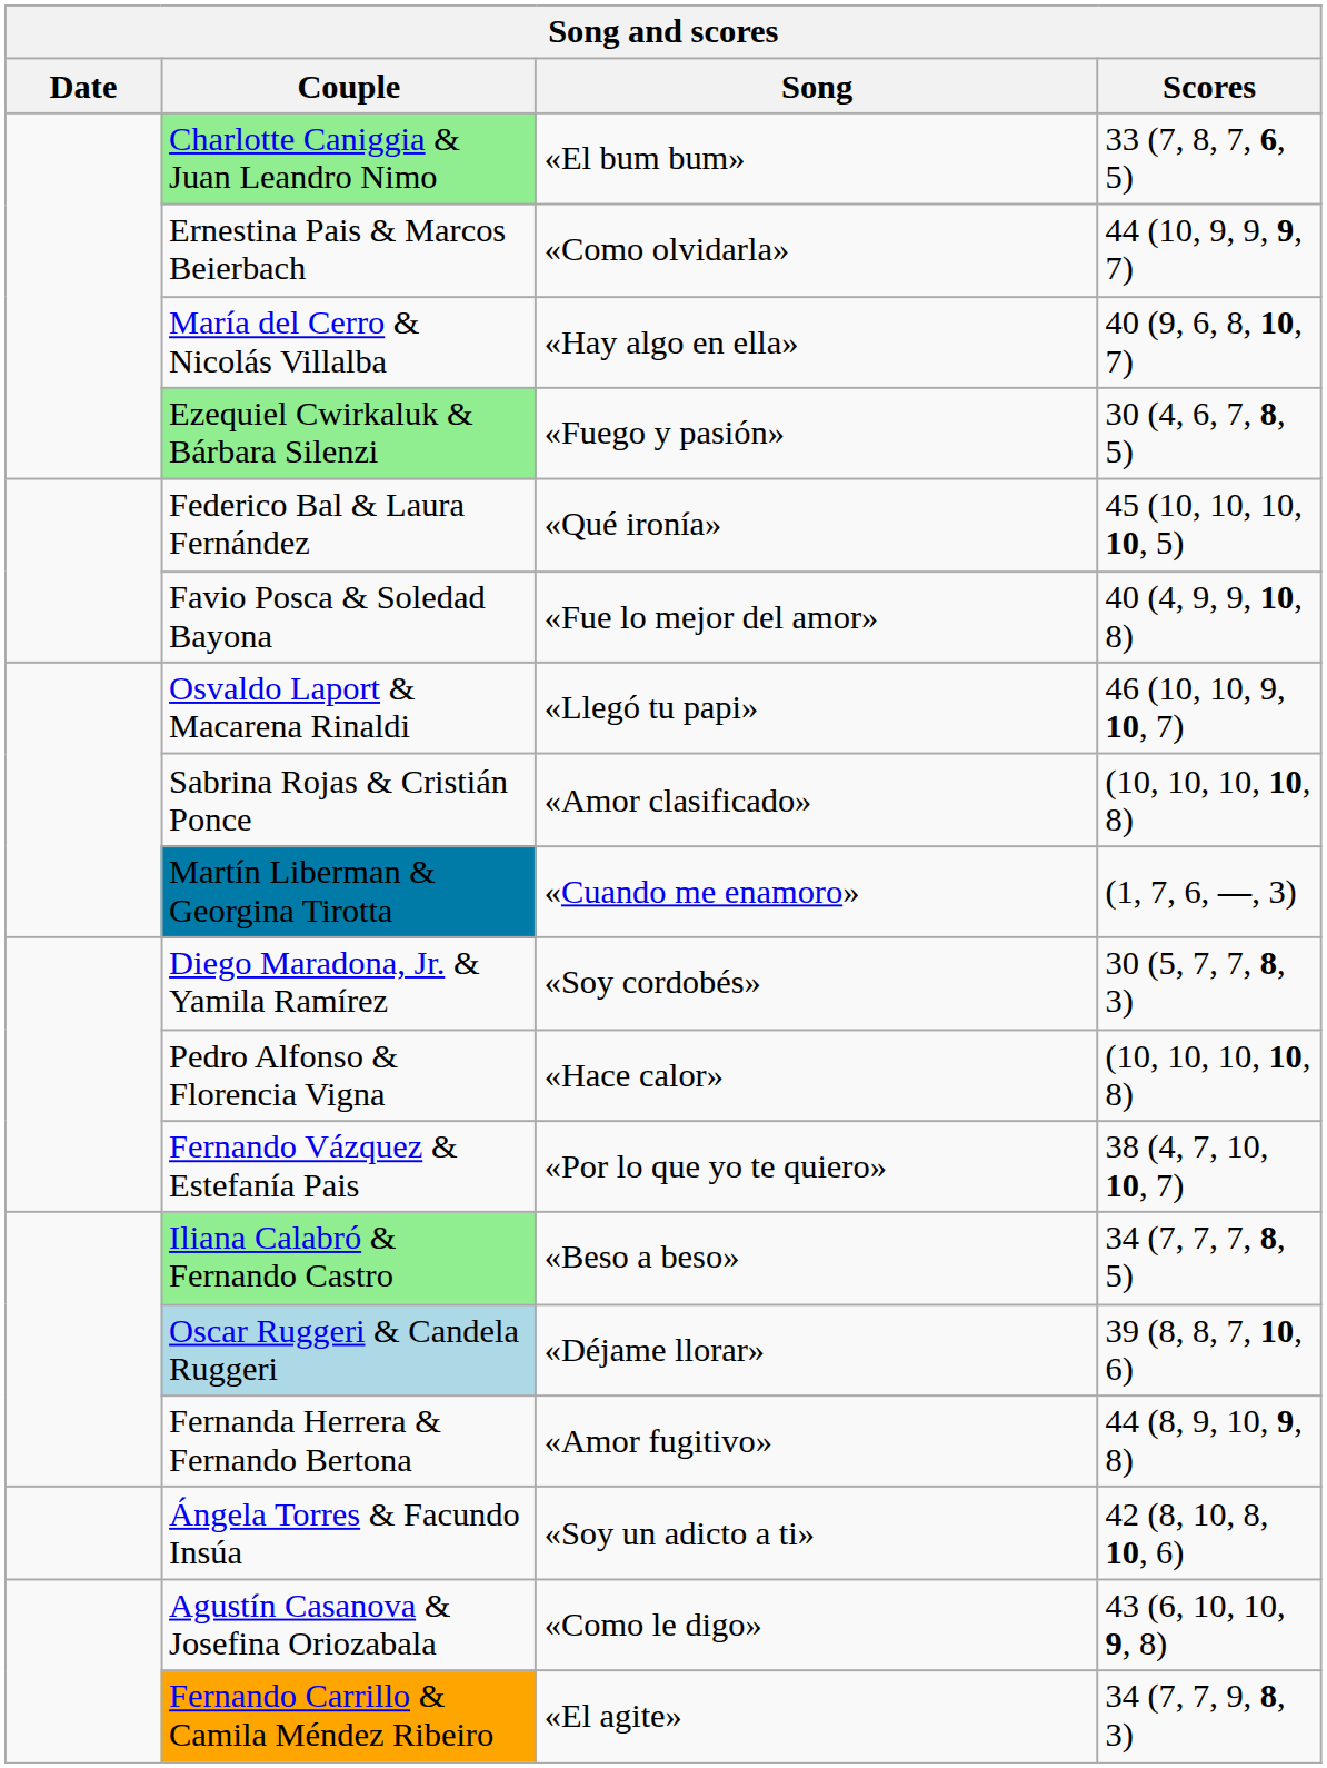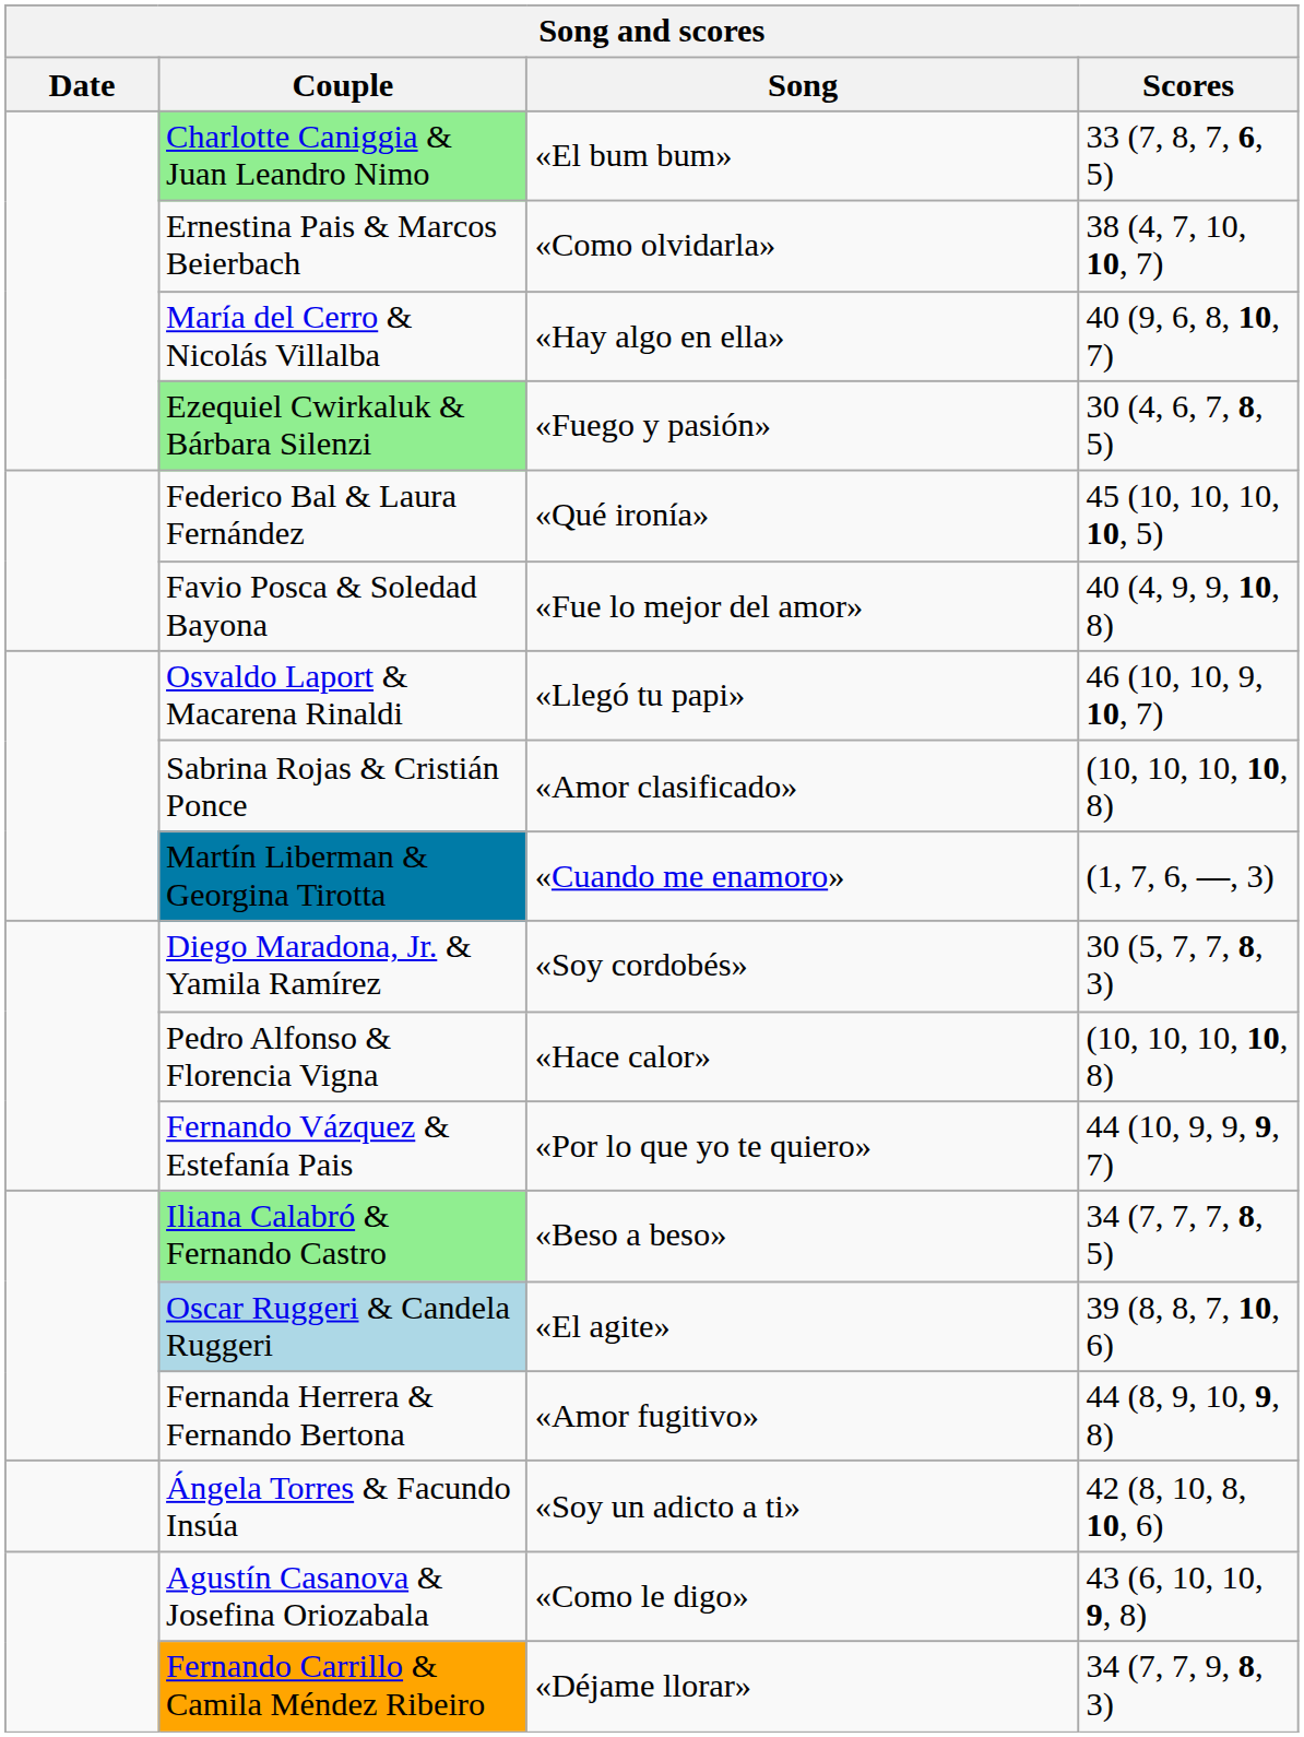 <table class="wikitable collapsible collapsed" style=" text-align: align; width: 100%;">
 <tr>
 <th colspan="11" style="with: 100%;" align="center">Song and scores</th>
 </tr>
 <tr>
 <th width=80>Date</th>
 <th width=210>Couple</th>
 <th width=330>Song</th>
 <th width=120>Scores</th>
 </tr>
 <tr>
 <td rowspan="4"></td>
 <td bgcolor="lightgreen"><a href='#'>Charlotte Caniggia</a> & Juan Leandro Nimo</td>
 <td>«El bum bum» </td>
 <td>33 (7, 8, 7, <strong>6</strong>, 5)</td>
 </tr>
 <tr>
 <td bgcolor="">Ernestina Pais & Marcos Beierbach</td>
 <td>«Como olvidarla» </td>
-<td>44 (10, 9, 9, <strong>9</strong>, 7)</td>
+<td>38 (4, 7, 10, <strong>10</strong>, 7)</td>
 </tr>
 <tr>
 <td bgcolor=""><a href='#'>María del Cerro</a> & Nicolás Villalba</td>
 <td>«Hay algo en ella» </td>
 <td>40 (9, 6, 8, <strong>10</strong>, 7)</td>
 </tr>
 <tr>
 <td bgcolor="lightgreen">Ezequiel Cwirkaluk & Bárbara Silenzi</td>
 <td>«Fuego y pasión» </td>
 <td>30 (4, 6, 7, <strong>8</strong>, 5)</td>
 </tr>
 <tr>
 <td rowspan="2"></td>
 <td bgcolor="">Federico Bal & Laura Fernández</td>
 <td>«Qué ironía» </td>
 <td>45 (10, 10, 10, <strong>10</strong>, 5)</td>
 </tr>
 <tr>
 <td bgcolor="">Favio Posca & Soledad Bayona</td>
 <td>«Fue lo mejor del amor» </td>
 <td>40 (4, 9, 9, <strong>10</strong>, 8)</td>
 </tr>
 <tr>
 <td rowspan="3"></td>
 <td bgcolor=""><a href='#'>Osvaldo Laport</a> & Macarena Rinaldi</td>
 <td>«Llegó tu papi» </td>
 <td>46 (10, 10, 9, <strong>10</strong>, 7)</td>
 </tr>
 <tr>
 <td bgcolor="">Sabrina Rojas & Cristián Ponce</td>
 <td>«Amor clasificado» </td>
 <td> (10, 10, 10, <strong>10</strong>, 8)</td>
 </tr>
 <tr>
 <td bgcolor="#007BA7">Martín Liberman & Georgina Tirotta</td>
 <td>«<a href='#'>Cuando me enamoro</a>» </td>
 <td> (1, 7, 6, <strong>—</strong>, 3)</td>
 </tr>
 <tr>
 <td rowspan="3"></td>
 <td bgcolor=""><a href='#'>Diego Maradona, Jr.</a> & Yamila Ramírez</td>
 <td>«Soy cordobés» </td>
 <td>30 (5, 7, 7, <strong>8</strong>, 3)</td>
 </tr>
 <tr>
 <td bgcolor="">Pedro Alfonso & Florencia Vigna</td>
 <td>«Hace calor» </td>
 <td> (10, 10, 10, <strong>10</strong>, 8)</td>
 </tr>
 <tr>
 <td bgcolor=""><a href='#'>Fernando Vázquez</a> & Estefanía Pais</td>
 <td>«Por lo que yo te quiero» </td>
-<td>38 (4, 7, 10, <strong>10</strong>, 7)</td>
+<td>44 (10, 9, 9, <strong>9</strong>, 7)</td>
 </tr>
 <tr>
 <td rowspan="3"></td>
 <td bgcolor="lightgreen"><a href='#'>Iliana Calabró</a> & Fernando Castro</td>
 <td>«Beso a beso» </td>
 <td>34 (7, 7, 7, <strong>8</strong>, 5)</td>
 </tr>
 <tr>
 <td bgcolor="lightblue"><a href='#'>Oscar Ruggeri</a> & Candela Ruggeri</td>
-<td>«Déjame llorar» </td>
+<td>«El agite» </td>
 <td>39 (8, 8, 7, <strong>10</strong>, 6)</td>
 </tr>
 <tr>
 <td bgcolor="">Fernanda Herrera & Fernando Bertona</td>
 <td>«Amor fugitivo» </td>
 <td>44 (8, 9, 10, <strong>9</strong>, 8)</td>
 </tr>
 <tr>
 <td rowspan="1"></td>
 <td bgcolor=""><a href='#'>Ángela Torres</a> & Facundo Insúa</td>
 <td>«Soy un adicto a ti» </td>
 <td>42 (8, 10, 8, <strong>10</strong>, 6)</td>
 </tr>
 <tr>
 <td rowspan="2"></td>
 <td bgcolor=""><a href='#'>Agustín Casanova</a> & Josefina Oriozabala</td>
 <td>«Como le digo» </td>
 <td>43 (6, 10, 10, <strong>9</strong>, 8)</td>
 </tr>
 <tr>
 <td bgcolor="orange"><a href='#'>Fernando Carrillo</a> & Camila Méndez Ribeiro</td>
-<td>«El agite» </td>
+<td>«Déjame llorar» </td>
 <td>34 (7, 7, 9, <strong>8</strong>, 3)</td>
 </tr>
 </table>
